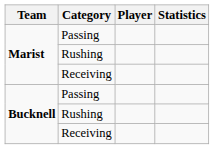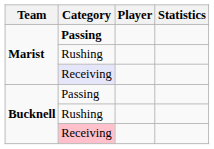 <table class="wikitable" style="float: right;">
 <tr>
 <th>Team</th>
 <th>Category</th>
 <th>Player</th>
 <th>Statistics</th>
 </tr>
 <tr>
 <td rowspan=3><strong>Marist</strong></td>
-<td>Passing</td>
+<td><strong>Passing</strong></td>
 <td></td>
 <td></td>
 </tr>
 <tr>
 <td>Rushing</td>
 <td></td>
 <td></td>
 </tr>
 <tr>
-<td>Receiving</td>
+<td style="background: lavender;">Receiving</td>
 <td></td>
 <td></td>
 </tr>
 <tr>
 <td rowspan=3><strong>Bucknell</strong></td>
 <td>Passing</td>
 <td></td>
 <td></td>
 </tr>
 <tr>
 <td>Rushing</td>
 <td></td>
 <td></td>
 </tr>
 <tr>
-<td>Receiving</td>
+<td style="background: pink;">Receiving</td>
 <td></td>
 <td></td>
 </tr>
 </table>
